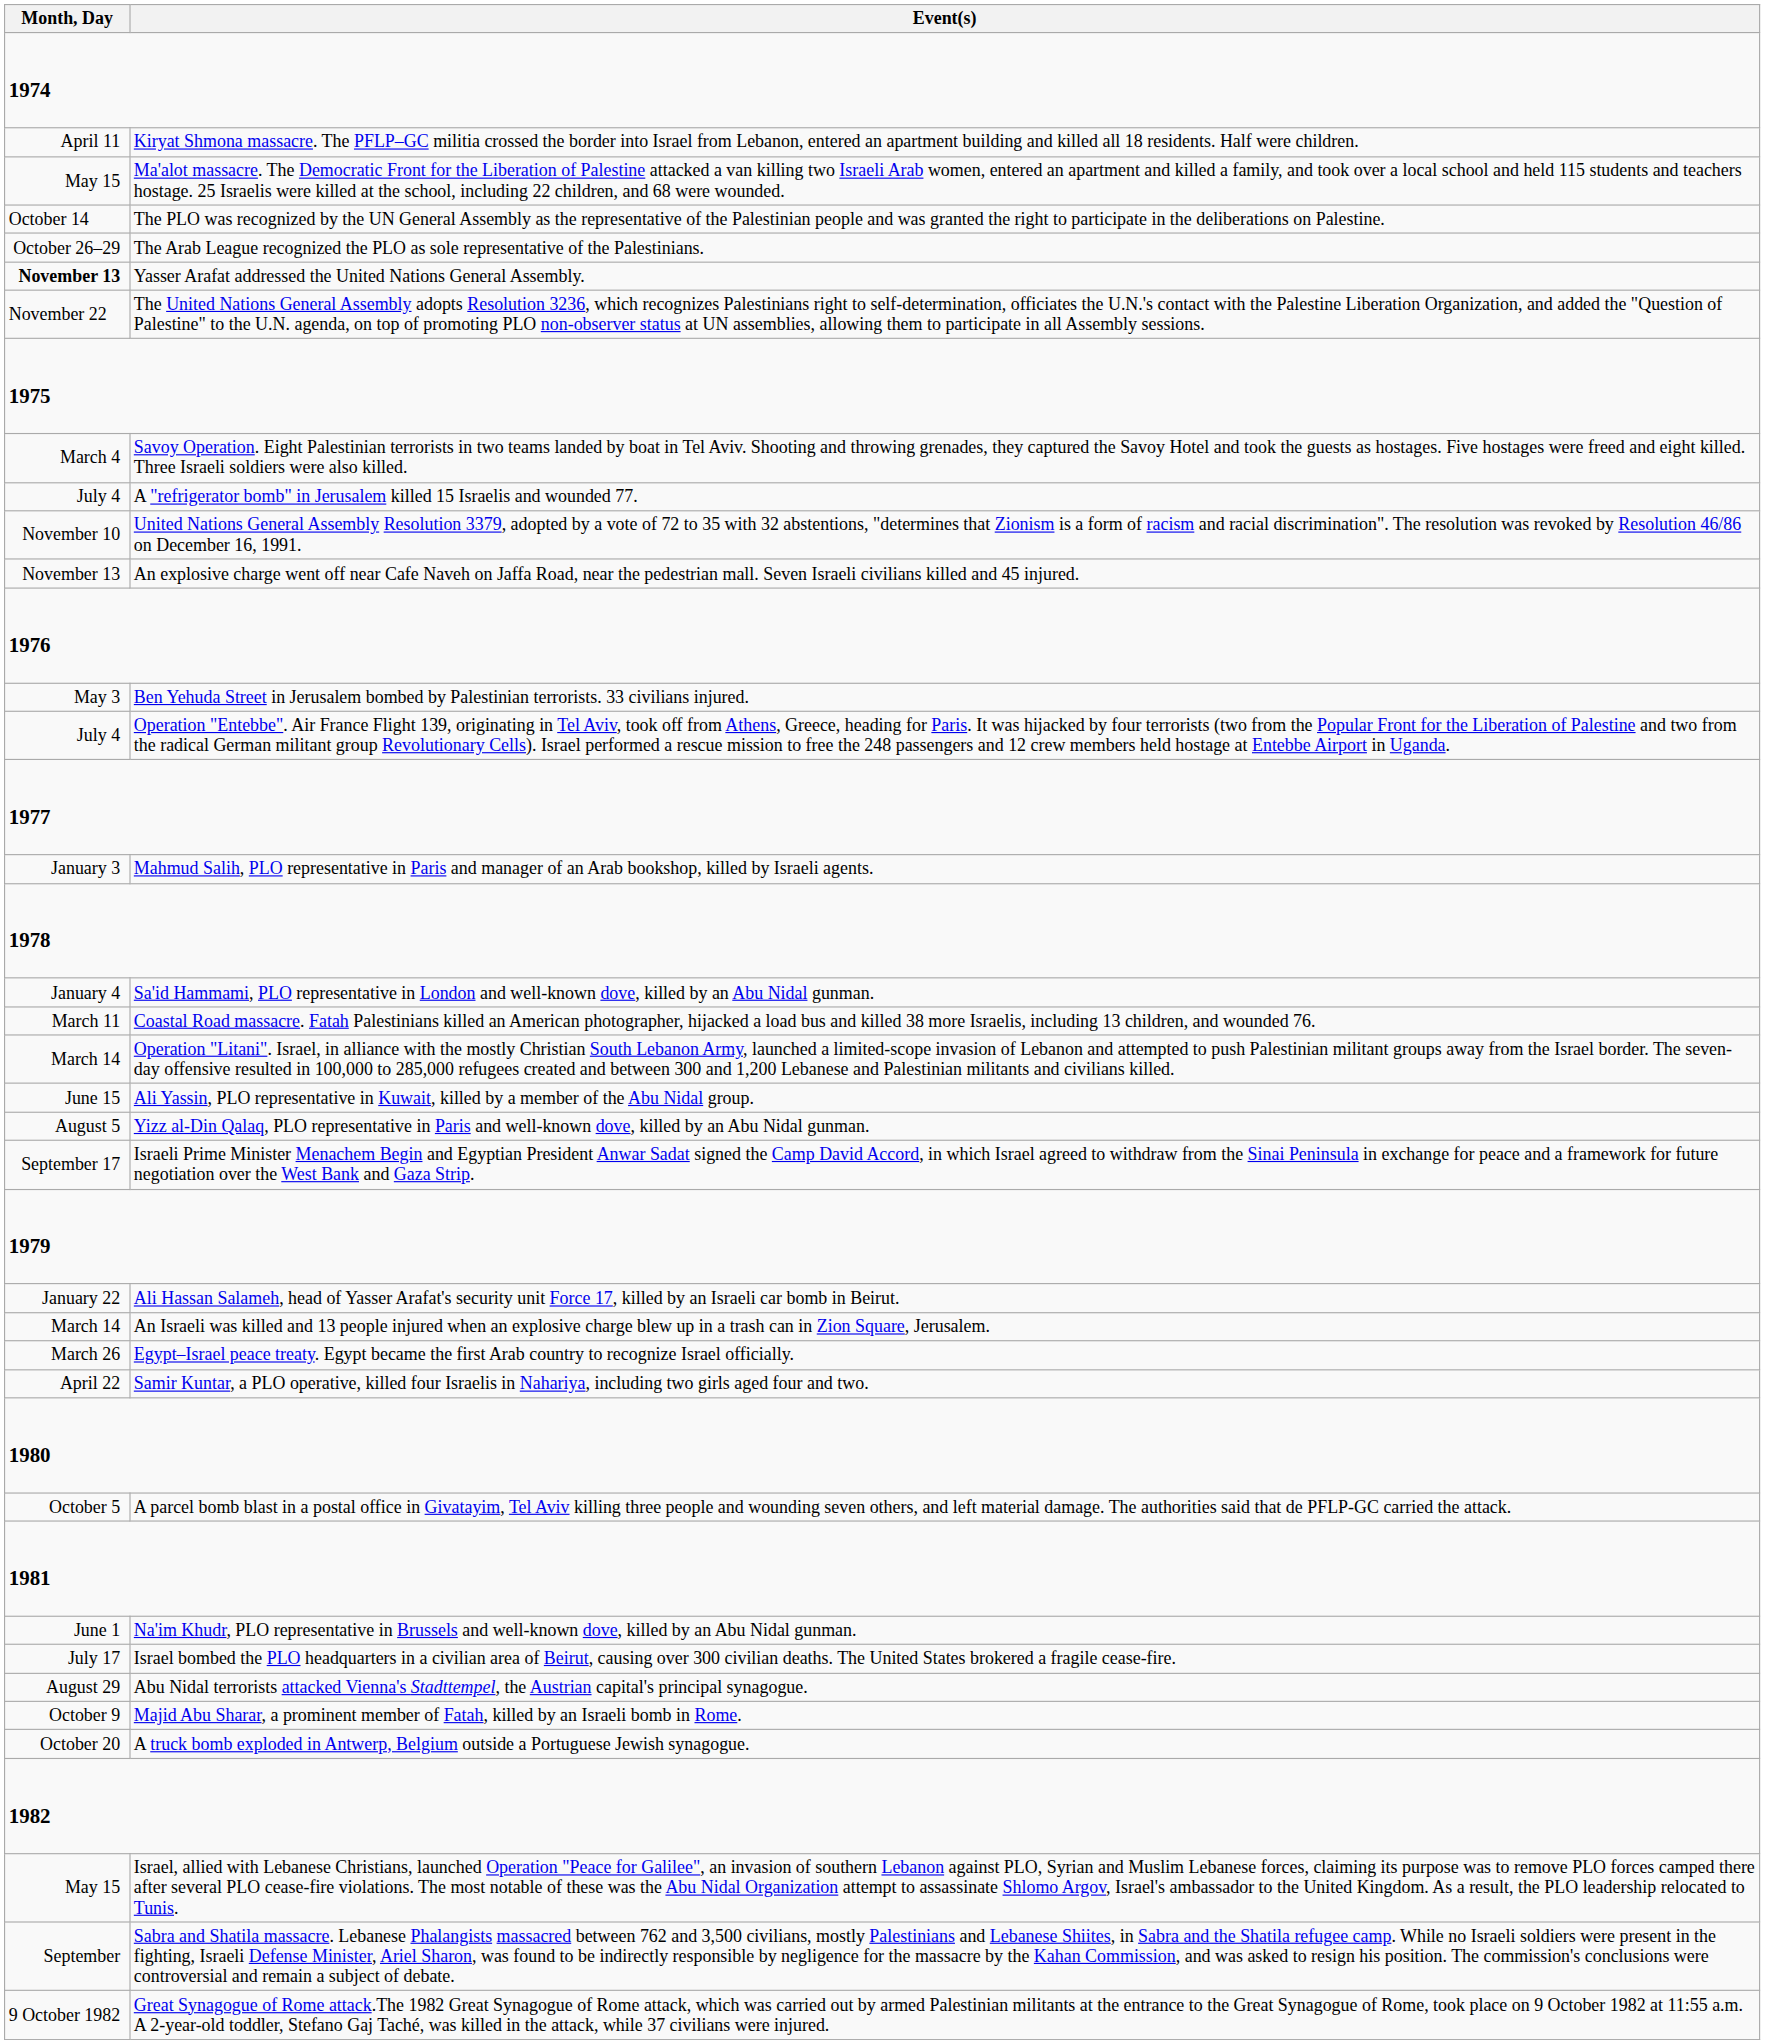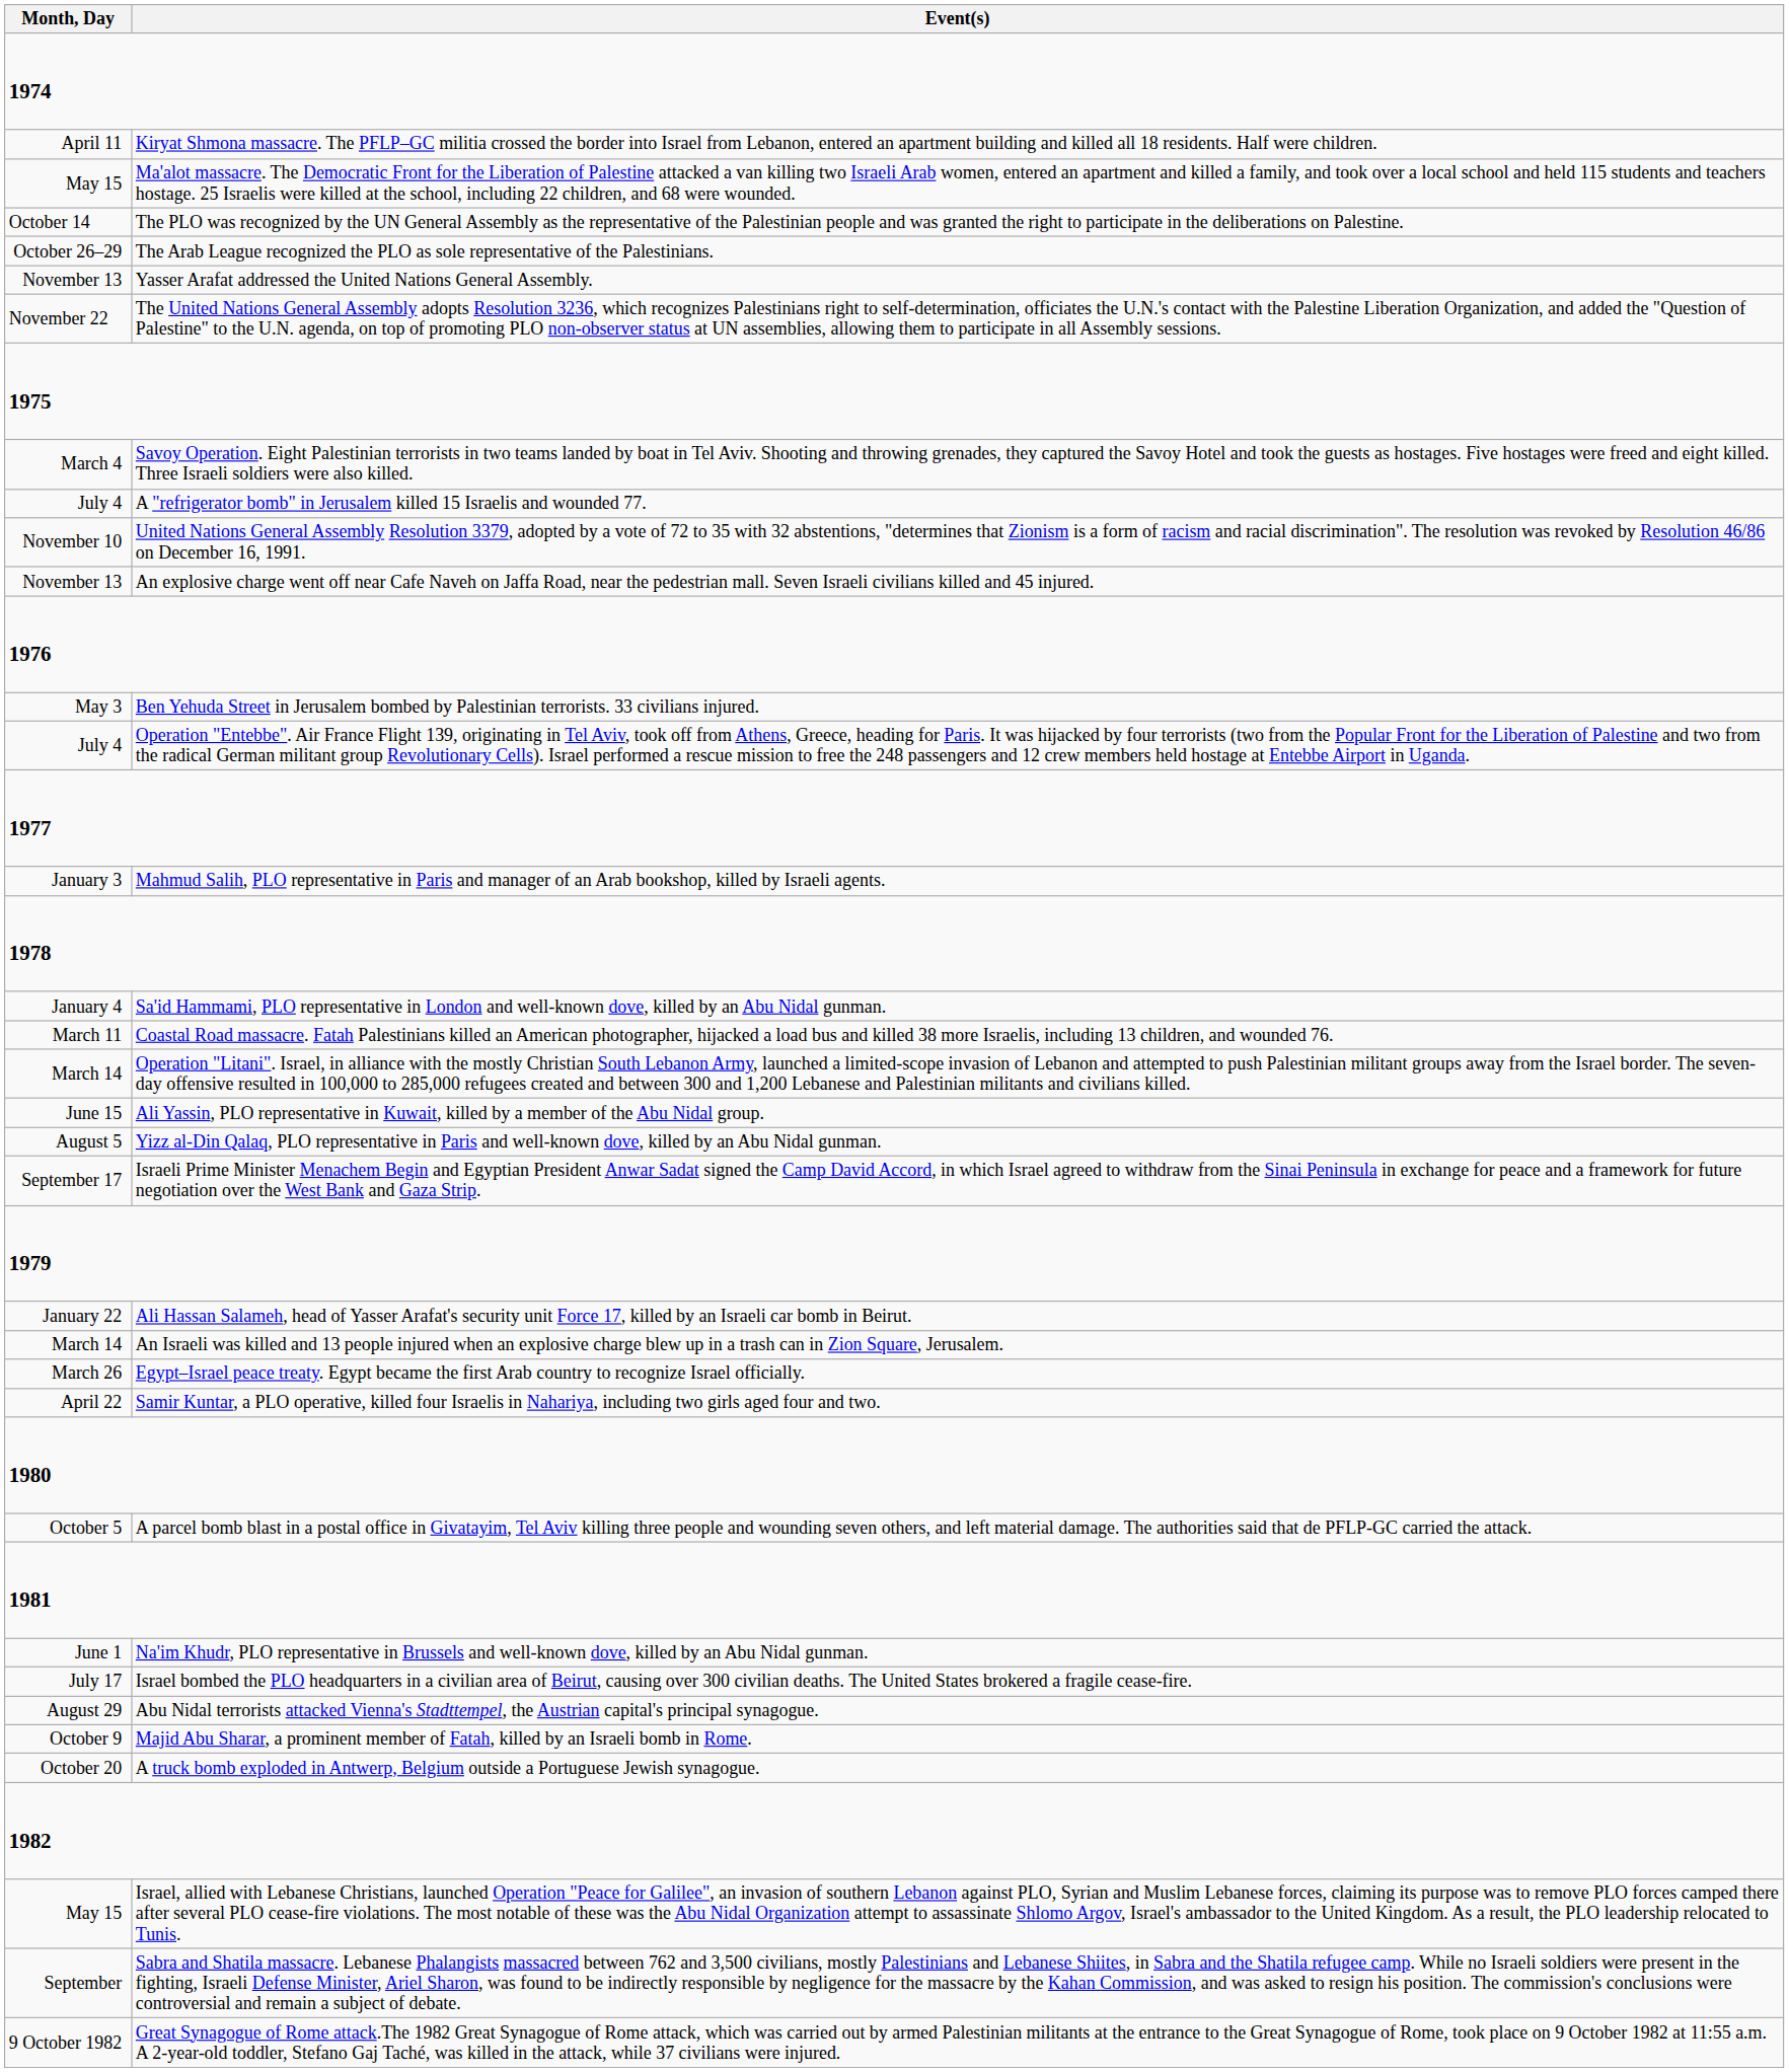 <table class="wikitable">
 <tr>
 <th>Month, Day</th>
 <th>Event(s)</th>
 </tr>
 <tr>
 <td colspan="2"><br><h3>1974</h3></td>
 </tr>
 <tr>
 <td style="white-space:nowrap;text-align:right;padding-right:0.5em;">April 11</td>
 <td><a href='#'>Kiryat Shmona massacre</a>. The <a href='#'>PFLP–GC</a> militia crossed the border into Israel from Lebanon, entered an apartment building and killed all 18 residents. Half were children.</td>
 </tr>
 <tr>
 <td style="white-space:nowrap;text-align:right;padding-right:0.5em;">May 15</td>
 <td><a href='#'>Ma'alot massacre</a>. The <a href='#'>Democratic Front for the Liberation of Palestine</a> attacked a van killing two <a href='#'>Israeli Arab</a> women, entered an apartment and killed a family, and took over a local school and held 115 students and teachers hostage. 25 Israelis were killed at the school, including 22 children, and 68 were wounded.</td>
 </tr>
 <tr>
 <td>October 14</td>
 <td>The PLO was recognized by the UN General Assembly as the representative of the Palestinian people and was granted the right to participate in the deliberations on Palestine.</td>
 </tr>
 <tr>
 <td style="white-space:nowrap;text-align:right;padding-right:0.5em;">October 26–29</td>
 <td>The Arab League recognized the PLO as sole representative of the Palestinians.</td>
 </tr>
 <tr>
-<td style="white-space:nowrap;text-align:right;padding-right:0.5em;"><strong>November 13</strong></td>
+<td style="white-space:nowrap;text-align:right;padding-right:0.5em;">November 13</td>
 <td>Yasser Arafat addressed the United Nations General Assembly.</td>
 </tr>
 <tr>
 <td>November 22</td>
 <td>The <a href='#'>United Nations General Assembly</a> adopts <a href='#'>Resolution 3236</a>, which recognizes Palestinians right to self-determination, officiates the U.N.'s contact with the Palestine Liberation Organization, and added the "Question of Palestine" to the U.N. agenda, on top of promoting PLO <a href='#'>non-observer status</a> at UN assemblies, allowing them to participate in all Assembly sessions.</td>
 </tr>
 <tr>
 <td colspan="2"><br><h3>1975</h3></td>
 </tr>
 <tr>
 <td style="white-space:nowrap;text-align:right;padding-right:0.5em;">March 4</td>
 <td><a href='#'>Savoy Operation</a>. Eight Palestinian terrorists in two teams landed by boat in Tel Aviv. Shooting and throwing grenades, they captured the Savoy Hotel and took the guests as hostages. Five hostages were freed and eight killed. Three Israeli soldiers were also killed.</td>
 </tr>
 <tr>
 <td style="white-space:nowrap;text-align:right;padding-right:0.5em;">July 4</td>
 <td>A <a href='#'>"refrigerator bomb" in Jerusalem</a> killed 15 Israelis and wounded 77.</td>
 </tr>
 <tr>
 <td style="white-space:nowrap;text-align:right;padding-right:0.5em;">November 10</td>
 <td><a href='#'>United Nations General Assembly</a> <a href='#'>Resolution 3379</a>, adopted by a vote of 72 to 35 with 32 abstentions, "determines that <a href='#'>Zionism</a> is a form of <a href='#'>racism</a> and racial discrimination". The resolution was revoked by <a href='#'>Resolution 46/86</a> on December 16, 1991.</td>
 </tr>
 <tr>
 <td style="white-space:nowrap;text-align:right;padding-right:0.5em;">November 13</td>
 <td>An explosive charge went off near Cafe Naveh on Jaffa Road, near the pedestrian mall. Seven Israeli civilians killed and 45 injured.</td>
 </tr>
 <tr>
 <td colspan="2"><br><h3>1976</h3></td>
 </tr>
 <tr>
 <td style="white-space:nowrap;text-align:right;padding-right:0.5em;">May 3</td>
 <td><a href='#'>Ben Yehuda Street</a> in Jerusalem bombed by Palestinian terrorists. 33 civilians injured.</td>
 </tr>
 <tr>
 <td style="white-space:nowrap;text-align:right;padding-right:0.5em;">July 4</td>
 <td><a href='#'>Operation "Entebbe"</a>. Air France Flight 139, originating in <a href='#'>Tel Aviv</a>, took off from <a href='#'>Athens</a>, Greece, heading for <a href='#'>Paris</a>. It was hijacked by four terrorists (two from the <a href='#'>Popular Front for the Liberation of Palestine</a> and two from the radical German militant group <a href='#'>Revolutionary Cells</a>). Israel performed a rescue mission to free the 248 passengers and 12 crew members held hostage at <a href='#'>Entebbe Airport</a> in <a href='#'>Uganda</a>.</td>
 </tr>
 <tr>
 <td colspan="2"><br><h3>1977</h3></td>
 </tr>
 <tr>
 <td style="white-space:nowrap;text-align:right;padding-right:0.5em;">January 3</td>
 <td><a href='#'>Mahmud Salih</a>, <a href='#'>PLO</a> representative in <a href='#'>Paris</a> and manager of an Arab bookshop, killed by Israeli agents.</td>
 </tr>
 <tr>
 <td colspan="2"><br><h3>1978</h3></td>
 </tr>
 <tr>
 <td style="white-space:nowrap;text-align:right;padding-right:0.5em;">January 4</td>
 <td><a href='#'>Sa'id Hammami</a>, <a href='#'>PLO</a> representative in <a href='#'>London</a> and well-known <a href='#'>dove</a>, killed by an <a href='#'>Abu Nidal</a> gunman.</td>
 </tr>
 <tr>
 <td style="white-space:nowrap;text-align:right;padding-right:0.5em;">March 11</td>
 <td><a href='#'>Coastal Road massacre</a>. <a href='#'>Fatah</a> Palestinians killed an American photographer, hijacked a load bus and killed 38 more Israelis, including 13 children, and wounded 76.</td>
 </tr>
 <tr>
 <td style="white-space:nowrap;text-align:right;padding-right:0.5em;">March 14</td>
 <td><a href='#'>Operation "Litani"</a>. Israel, in alliance with the mostly Christian <a href='#'>South Lebanon Army</a>, launched a limited-scope invasion of Lebanon and attempted to push Palestinian militant groups away from the Israel border. The seven-day offensive resulted in 100,000 to 285,000 refugees created and between 300 and 1,200 Lebanese and Palestinian militants and civilians killed.</td>
 </tr>
 <tr>
 <td style="white-space:nowrap;text-align:right;padding-right:0.5em;">June 15</td>
 <td><a href='#'>Ali Yassin</a>, PLO representative in <a href='#'>Kuwait</a>, killed by a member of the <a href='#'>Abu Nidal</a> group.</td>
 </tr>
 <tr>
 <td style="white-space:nowrap;text-align:right;padding-right:0.5em;">August 5</td>
 <td><a href='#'>Yizz al-Din Qalaq</a>, PLO representative in <a href='#'>Paris</a> and well-known <a href='#'>dove</a>, killed by an Abu Nidal gunman.</td>
 </tr>
 <tr>
 <td style="white-space:nowrap;text-align:right;padding-right:0.5em;">September 17</td>
 <td>Israeli Prime Minister <a href='#'>Menachem Begin</a> and Egyptian President <a href='#'>Anwar Sadat</a> signed the <a href='#'>Camp David Accord</a>, in which Israel agreed to withdraw from the <a href='#'>Sinai Peninsula</a> in exchange for peace and a framework for future negotiation over the <a href='#'>West Bank</a> and <a href='#'>Gaza Strip</a>.</td>
 </tr>
 <tr>
 <td colspan="2"><br><h3>1979</h3></td>
 </tr>
 <tr>
 <td style="white-space:nowrap;text-align:right;padding-right:0.5em;">January 22</td>
 <td><a href='#'>Ali Hassan Salameh</a>, head of Yasser Arafat's security unit <a href='#'>Force 17</a>, killed by an Israeli car bomb in Beirut.</td>
 </tr>
 <tr>
 <td style="white-space:nowrap;text-align:right;padding-right:0.5em;">March 14</td>
 <td>An Israeli was killed and 13 people injured when an explosive charge blew up in a trash can in <a href='#'>Zion Square</a>, Jerusalem.</td>
 </tr>
 <tr>
 <td style="white-space:nowrap;text-align:right;padding-right:0.5em;">March 26</td>
 <td><a href='#'>Egypt–Israel peace treaty</a>. Egypt became the first Arab country to recognize Israel officially.</td>
 </tr>
 <tr>
 <td style="white-space:nowrap;text-align:right;padding-right:0.5em;">April 22</td>
 <td><a href='#'>Samir Kuntar</a>, a PLO operative, killed four Israelis in <a href='#'>Nahariya</a>, including two girls aged four and two.</td>
 </tr>
 <tr>
 <td colspan="2"><br><h3>1980</h3></td>
 </tr>
 <tr>
 <td style="white-space:nowrap;text-align:right;padding-right:0.5em;">October 5</td>
 <td>A parcel bomb blast in a postal office in <a href='#'>Givatayim</a>, <a href='#'>Tel Aviv</a> killing three people and wounding seven others, and left material damage. The authorities said that de PFLP-GC carried the attack.</td>
 </tr>
 <tr>
 <td colspan="2"><br><h3>1981</h3></td>
 </tr>
 <tr>
 <td style="white-space:nowrap;text-align:right;padding-right:0.5em;">June 1</td>
 <td><a href='#'>Na'im Khudr</a>, PLO representative in <a href='#'>Brussels</a> and well-known <a href='#'>dove</a>, killed by an Abu Nidal gunman.</td>
 </tr>
 <tr>
 <td style="white-space:nowrap;text-align:right;padding-right:0.5em;">July 17</td>
 <td>Israel bombed the <a href='#'>PLO</a> headquarters in a civilian area of <a href='#'>Beirut</a>, causing over 300 civilian deaths. The United States brokered a fragile cease-fire.</td>
 </tr>
 <tr>
 <td style="white-space:nowrap;text-align:right;padding-right:0.5em;">August 29</td>
 <td>Abu Nidal terrorists <a href='#'>attacked Vienna's <em>Stadttempel</em></a>, the <a href='#'>Austrian</a> capital's principal synagogue.</td>
 </tr>
 <tr>
 <td style="white-space:nowrap;text-align:right;padding-right:0.5em;">October 9</td>
 <td><a href='#'>Majid Abu Sharar</a>, a prominent member of <a href='#'>Fatah</a>, killed by an Israeli bomb in <a href='#'>Rome</a>.</td>
 </tr>
 <tr>
 <td style="white-space:nowrap;text-align:right;padding-right:0.5em;">October 20</td>
 <td>A <a href='#'>truck bomb exploded in Antwerp, Belgium</a> outside a Portuguese Jewish synagogue.</td>
 </tr>
 <tr>
 <td colspan="2"><br><h3>1982</h3></td>
 </tr>
 <tr>
 <td style="white-space:nowrap;text-align:right;padding-right:0.5em;">May 15</td>
 <td>Israel, allied with Lebanese Christians, launched <a href='#'>Operation "Peace for Galilee"</a>, an invasion of southern <a href='#'>Lebanon</a> against PLO, Syrian and Muslim Lebanese forces, claiming its purpose was to remove PLO forces camped there after several PLO cease-fire violations. The most notable of these was the <a href='#'>Abu Nidal Organization</a> attempt to assassinate <a href='#'>Shlomo Argov</a>, Israel's ambassador to the United Kingdom. As a result, the PLO leadership relocated to <a href='#'>Tunis</a>.</td>
 </tr>
 <tr>
 <td style="white-space:nowrap;text-align:right;padding-right:0.5em;">September</td>
 <td><a href='#'>Sabra and Shatila massacre</a>. Lebanese <a href='#'>Phalangists</a> <a href='#'>massacred</a> between 762 and 3,500 civilians, mostly <a href='#'>Palestinians</a> and <a href='#'>Lebanese Shiites</a>, in <a href='#'>Sabra and the Shatila refugee camp</a>. While no Israeli soldiers were present in the fighting, Israeli <a href='#'>Defense Minister</a>, <a href='#'>Ariel Sharon</a>, was found to be indirectly responsible by negligence for the massacre by the <a href='#'>Kahan Commission</a>, and was asked to resign his position. The commission's conclusions were controversial and remain a subject of debate.</td>
 </tr>
 <tr>
 <td style="white-space:nowrap;text-align:right;padding-right:0.5em;">9 October 1982</td>
 <td><a href='#'>Great Synagogue of Rome attack</a>.The 1982 Great Synagogue of Rome attack, which was carried out by armed Palestinian militants at the entrance to the Great Synagogue of Rome, took place on 9 October 1982 at 11:55 a.m. A 2-year-old toddler, Stefano Gaj Taché, was killed in the attack, while 37 civilians were injured.</td>
 </tr>
 </table>
